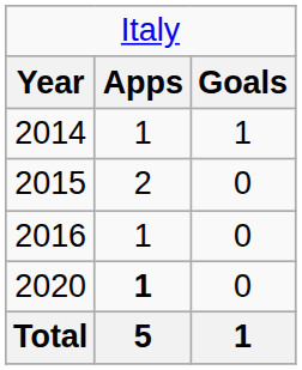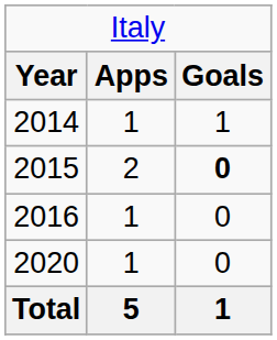 <table class="wikitable" style="text-align: center;">
 <tr>
 <td colspan=3><a href='#'>Italy</a></td>
 </tr>
 <tr>
 <th>Year</th>
 <th>Apps</th>
 <th>Goals</th>
 </tr>
 <tr>
 <td>2014</td>
 <td>1</td>
 <td>1</td>
 </tr>
 <tr>
 <td>2015</td>
 <td>2</td>
-<td>0</td>
+<td><strong>0</strong></td>
 </tr>
 <tr>
 <td>2016</td>
 <td>1</td>
 <td>0</td>
 </tr>
 <tr>
 <td>2020</td>
-<td><strong>1</strong></td>
+<td>1</td>
 <td>0</td>
 </tr>
 <tr>
 <th>Total</th>
 <th>5</th>
 <th>1</th>
 </tr>
 </table>
